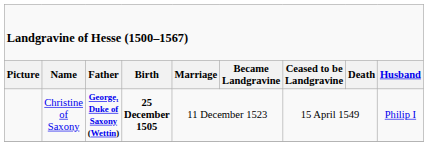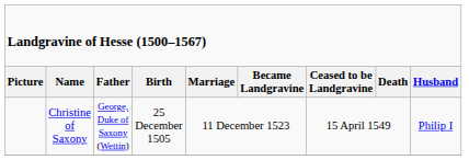 <table width=95% class="wikitable">
 <tr>
 <td colspan="9"><br><h3>Landgravine of Hesse (1500–1567)</h3></td>
 </tr>
 <tr>
 <th width = "8%">Picture</th>
 <th width = "11%">Name</th>
 <th width = "10%">Father</th>
 <th width = "10%">Birth</th>
 <th width = "9%">Marriage</th>
 <th width = "9%">Became Landgravine</th>
 <th width = "9%">Ceased to be Landgravine</th>
 <th width = "9%">Death</th>
 <th width = "6%"><a href='#'>Husband</a></th>
 </tr>
 <tr>
 <td align="center"></td>
 <td align="center"><a href='#'>Christine of Saxony</a></td>
-<td align="center"><strong><small><a href='#'>George, Duke of Saxony</a><br>(<a href='#'>Wettin</a>)</small></strong></td>
-<td align="center"><strong>25 December 1505</strong></td>
+<td align="center"><small><a href='#'>George, Duke of Saxony</a><br>(<a href='#'>Wettin</a>)</small></td>
+<td align="center">25 December 1505</td>
 <td align="center" colspan="2">11 December 1523</td>
 <td align="center" colspan="2">15 April 1549</td>
 <td align="center"><a href='#'>Philip I</a></td>
 </tr>
 <tr>
 </tr>
 </table>
